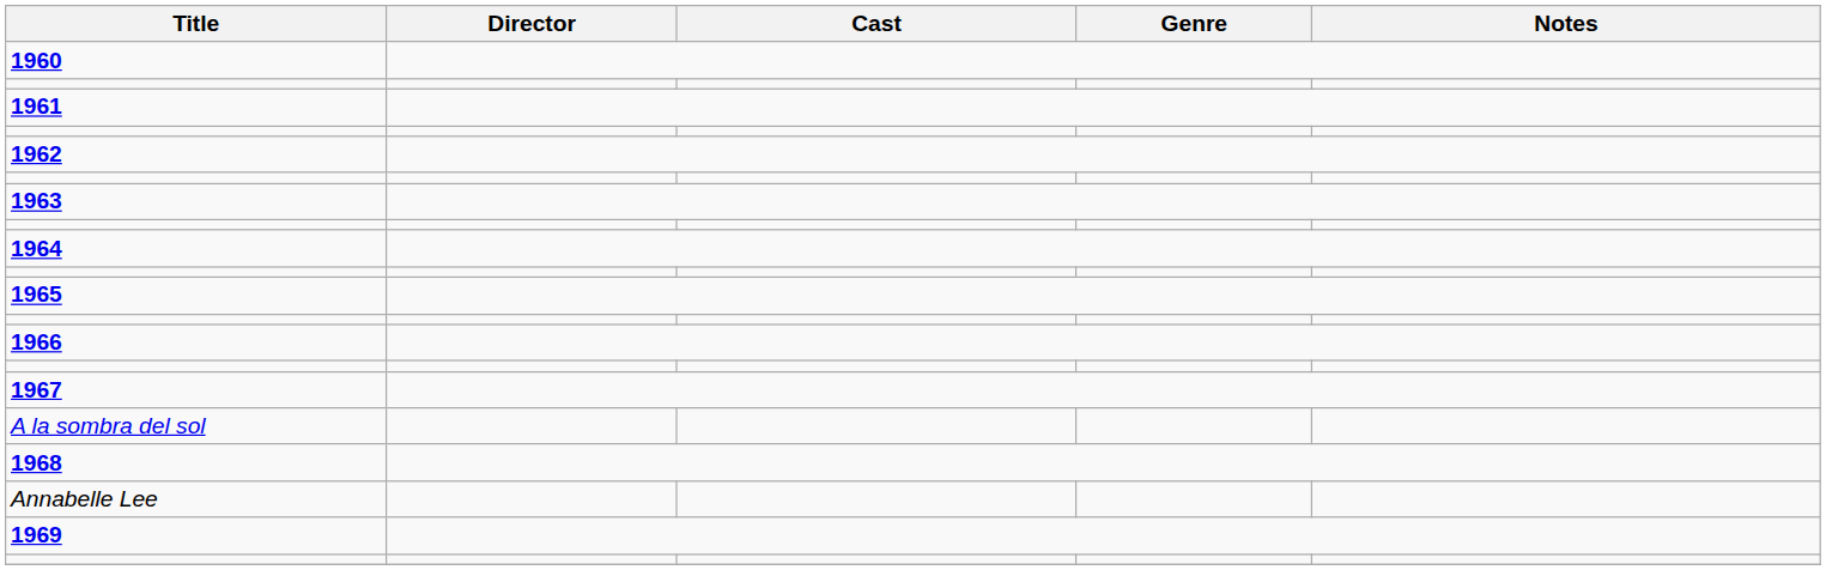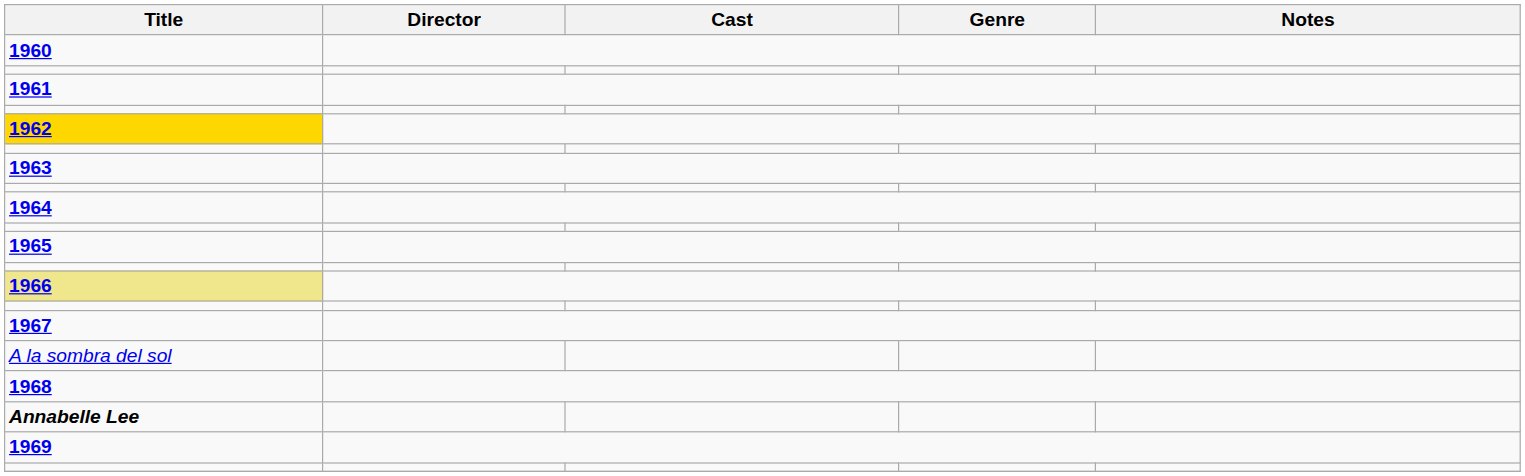 <table class="wikitable" width= "100%">
 <tr>
 <th width=21%>Title</th>
 <th width=16%>Director</th>
 <th width=22%>Cast</th>
 <th width=13%>Genre</th>
 <th width=28%>Notes</th>
 </tr>
 <tr>
 <td><strong><a href='#'>1960</a></strong></td>
 </tr>
 <tr>
 <td></td>
 <td></td>
 <td></td>
 <td></td>
 <td></td>
 </tr>
 <tr>
 <td><strong><a href='#'>1961</a></strong></td>
 </tr>
 <tr>
 <td></td>
 <td></td>
 <td></td>
 <td></td>
 <td></td>
 </tr>
 <tr>
-<td><strong><a href='#'>1962</a></strong></td>
+<td style="background: gold;"><strong><a href='#'>1962</a></strong></td>
 </tr>
 <tr>
 <td></td>
 <td></td>
 <td></td>
 <td></td>
 <td></td>
 </tr>
 <tr>
 <td><strong><a href='#'>1963</a></strong></td>
 </tr>
 <tr>
 <td></td>
 <td></td>
 <td></td>
 <td></td>
 <td></td>
 </tr>
 <tr>
 <td><strong><a href='#'>1964</a></strong></td>
 </tr>
 <tr>
 <td></td>
 <td></td>
 <td></td>
 <td></td>
 <td></td>
 </tr>
 <tr>
 <td><strong><a href='#'>1965</a></strong></td>
 </tr>
 <tr>
 <td></td>
 <td></td>
 <td></td>
 <td></td>
 <td></td>
 </tr>
 <tr>
-<td><strong><a href='#'>1966</a></strong></td>
+<td style="background: khaki;"><strong><a href='#'>1966</a></strong></td>
 </tr>
 <tr>
 <td></td>
 <td></td>
 <td></td>
 <td></td>
 <td></td>
 </tr>
 <tr>
 <td><strong><a href='#'>1967</a></strong></td>
 </tr>
 <tr>
 <td><em><a href='#'>A la sombra del sol</a></em></td>
 <td></td>
 <td></td>
 <td></td>
 <td></td>
 </tr>
 <tr>
 <td><strong><a href='#'>1968</a></strong></td>
 </tr>
 <tr>
-<td><em>Annabelle Lee</em></td>
+<td><strong><em>Annabelle Lee</em></strong></td>
 <td></td>
 <td></td>
 <td></td>
 <td></td>
 </tr>
 <tr>
 <td><strong><a href='#'>1969</a></strong></td>
 </tr>
 <tr>
 <td></td>
 <td></td>
 <td></td>
 <td></td>
 <td></td>
 </tr>
 <tr>
 </tr>
 </table>
